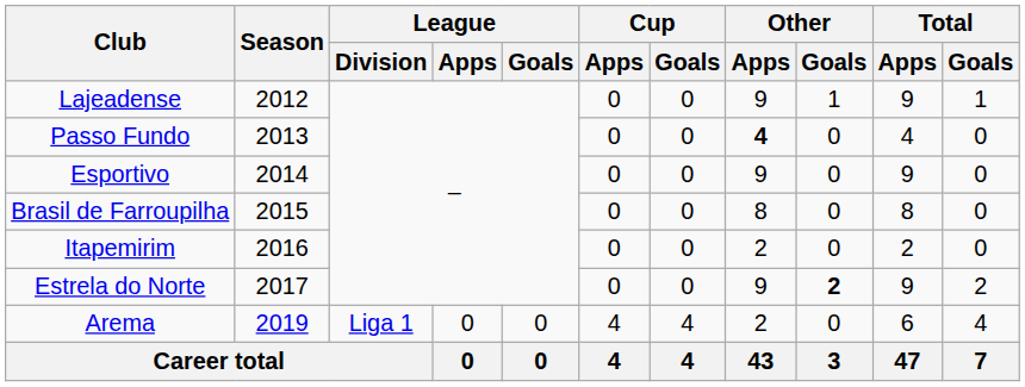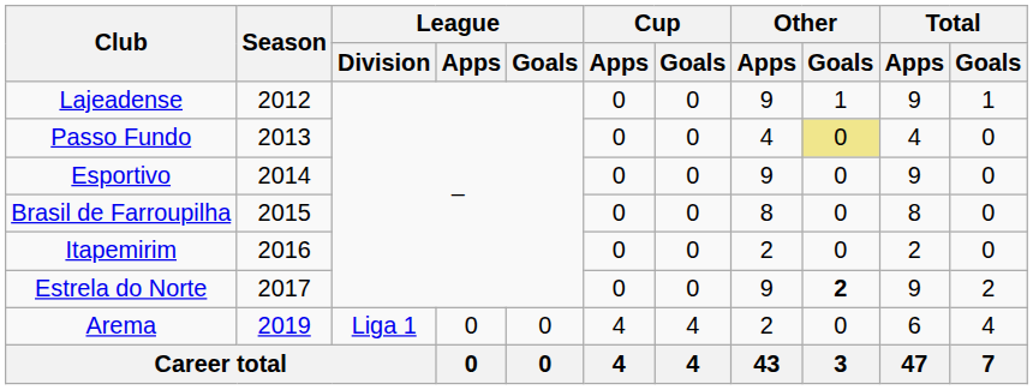 <table class="wikitable" style="text-align: center">
 <tr>
 <th rowspan="2">Club</th>
 <th rowspan="2">Season</th>
 <th colspan="3">League</th>
 <th colspan="2">Cup</th>
 <th colspan="2">Other</th>
 <th colspan="2">Total</th>
 </tr>
 <tr>
 <th>Division</th>
 <th>Apps</th>
 <th>Goals</th>
 <th>Apps</th>
 <th>Goals</th>
 <th>Apps</th>
 <th>Goals</th>
 <th>Apps</th>
 <th>Goals</th>
 </tr>
 <tr>
 <td><a href='#'>Lajeadense</a></td>
 <td>2012</td>
 <td colspan="3" rowspan="6">–</td>
 <td>0</td>
 <td>0</td>
 <td>9</td>
 <td>1</td>
 <td>9</td>
 <td>1</td>
 </tr>
 <tr>
 <td><a href='#'>Passo Fundo</a></td>
 <td>2013</td>
 <td>0</td>
 <td>0</td>
-<td><strong>4</strong></td>
-<td>0</td>
+<td>4</td>
+<td style="background: khaki;">0</td>
 <td>4</td>
 <td>0</td>
 </tr>
 <tr>
 <td><a href='#'>Esportivo</a></td>
 <td>2014</td>
 <td>0</td>
 <td>0</td>
 <td>9</td>
 <td>0</td>
 <td>9</td>
 <td>0</td>
 </tr>
 <tr>
 <td><a href='#'>Brasil de Farroupilha</a></td>
 <td>2015</td>
 <td>0</td>
 <td>0</td>
 <td>8</td>
 <td>0</td>
 <td>8</td>
 <td>0</td>
 </tr>
 <tr>
 <td><a href='#'>Itapemirim</a></td>
 <td>2016</td>
 <td>0</td>
 <td>0</td>
 <td>2</td>
 <td>0</td>
 <td>2</td>
 <td>0</td>
 </tr>
 <tr>
 <td><a href='#'>Estrela do Norte</a></td>
 <td>2017</td>
 <td>0</td>
 <td>0</td>
 <td>9</td>
 <td><strong>2</strong></td>
 <td>9</td>
 <td>2</td>
 </tr>
 <tr>
 <td><a href='#'>Arema</a></td>
 <td><a href='#'>2019</a></td>
 <td><a href='#'>Liga 1</a></td>
 <td>0</td>
 <td>0</td>
 <td>4</td>
 <td>4</td>
 <td>2</td>
 <td>0</td>
 <td>6</td>
 <td>4</td>
 </tr>
 <tr>
 <th colspan="3"><strong>Career total</strong></th>
 <th>0</th>
 <th>0</th>
 <th>4</th>
 <th>4</th>
 <th>43</th>
 <th>3</th>
 <th>47</th>
 <th>7</th>
 </tr>
 </table>
